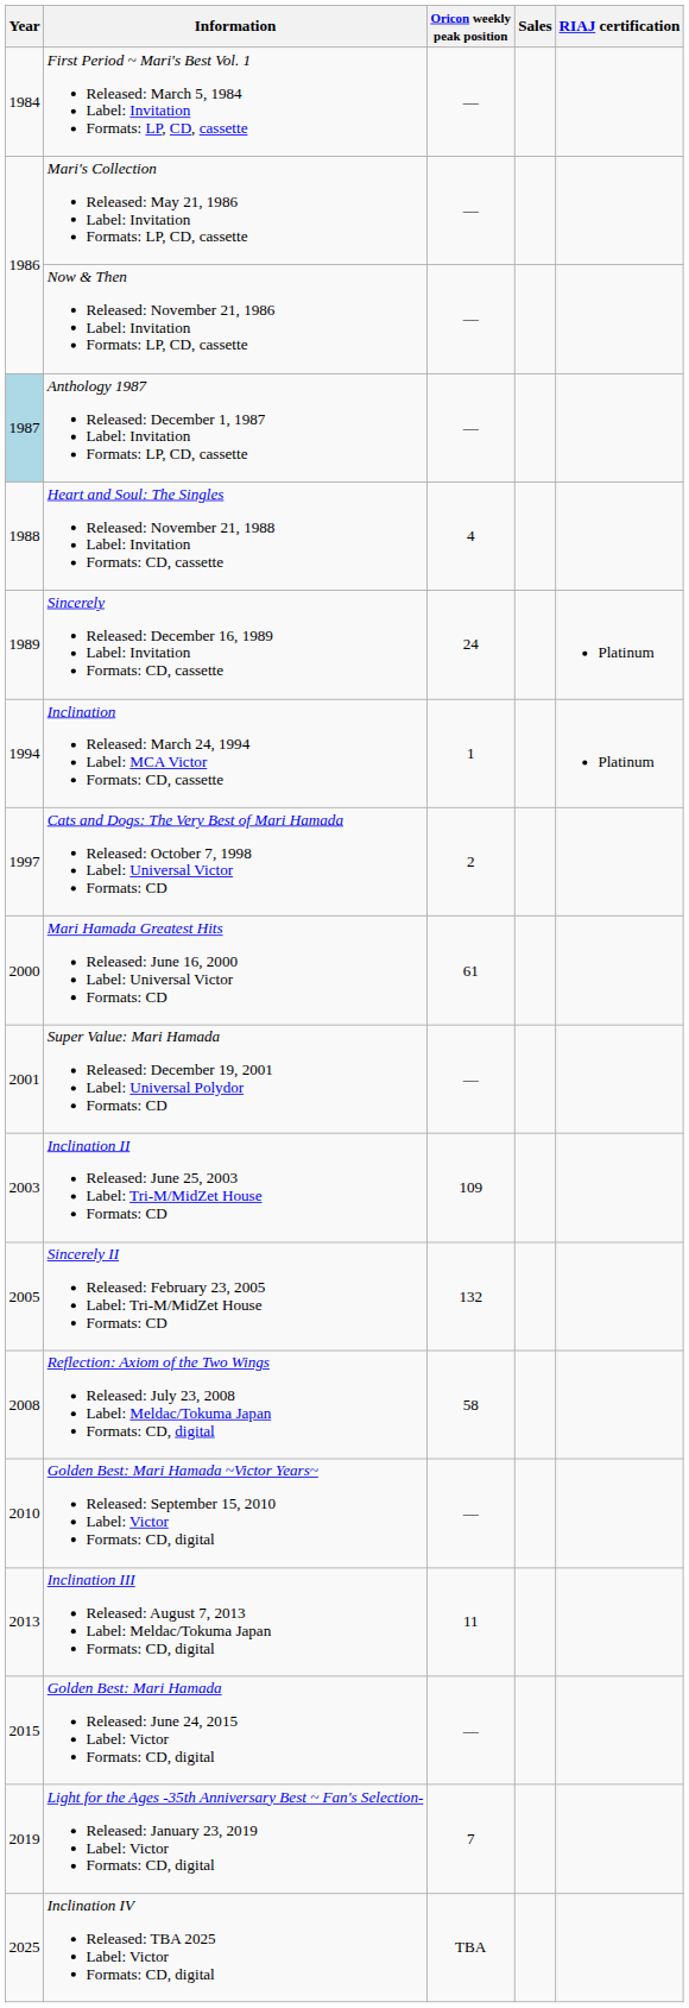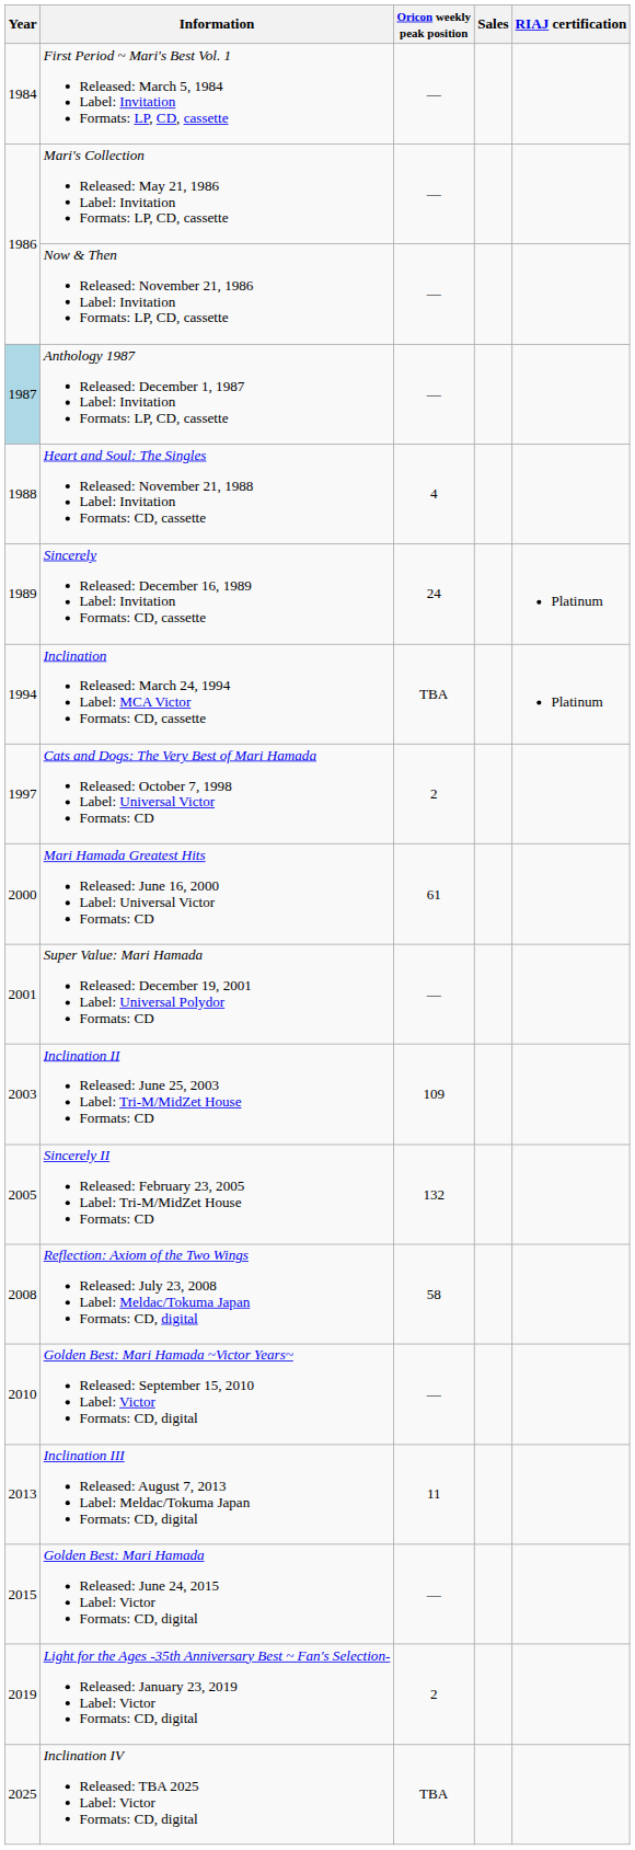 <table class="wikitable">
 <tr>
 <th>Year</th>
 <th>Information</th>
 <th><small><a href='#'>Oricon</a> weekly<br>peak position</small></th>
 <th>Sales<br></th>
 <th><a href='#'>RIAJ</a> certification</th>
 </tr>
 <tr>
 <td>1984</td>
 <td><em>First Period ~ Mari's Best Vol. 1</em><br><ul><li>Released: March 5, 1984</li><li>Label: <a href='#'>Invitation</a></li><li>Formats: <a href='#'>LP</a>, <a href='#'>CD</a>, <a href='#'>cassette</a></li></ul></td>
 <td style="text-align:center;">—</td>
 <td align="left"></td>
 <td align="left"></td>
 </tr>
 <tr>
 <td rowspan="2">1986</td>
 <td><em>Mari's Collection</em><br><ul><li>Released: May 21, 1986</li><li>Label: Invitation</li><li>Formats: LP, CD, cassette</li></ul></td>
 <td style="text-align:center;">—</td>
 <td align="left"></td>
 <td align="left"></td>
 </tr>
 <tr>
 <td><em>Now & Then</em><br><ul><li>Released: November 21, 1986</li><li>Label: Invitation</li><li>Formats: LP, CD, cassette</li></ul></td>
 <td style="text-align:center;">—</td>
 <td align="left"></td>
 <td align="left"></td>
 </tr>
 <tr>
 <td style="background: lightblue;">1987</td>
 <td><em>Anthology 1987</em><br><ul><li>Released: December 1, 1987</li><li>Label: Invitation</li><li>Formats: LP, CD, cassette</li></ul></td>
 <td style="text-align:center;">—</td>
 <td align="left"></td>
 <td align="left"></td>
 </tr>
 <tr>
 <td>1988</td>
 <td><em><a href='#'>Heart and Soul: The Singles</a></em><br><ul><li>Released: November 21, 1988</li><li>Label: Invitation</li><li>Formats: CD, cassette</li></ul></td>
 <td style="text-align:center;">4</td>
 <td align="left"></td>
 <td align="left"></td>
 </tr>
 <tr>
 <td>1989</td>
 <td><em><a href='#'>Sincerely</a></em><br><ul><li>Released: December 16, 1989</li><li>Label: Invitation</li><li>Formats: CD, cassette</li></ul></td>
 <td style="text-align:center;">24</td>
 <td align="left"></td>
 <td align="left"><br><ul><li>Platinum</li></ul></td>
 </tr>
 <tr>
 <td>1994</td>
 <td><em><a href='#'>Inclination</a></em><br><ul><li>Released: March 24, 1994</li><li>Label: <a href='#'>MCA Victor</a></li><li>Formats: CD, cassette</li></ul></td>
-<td style="text-align:center;">1</td>
+<td style="text-align:center;">TBA</td>
 <td align="left"></td>
 <td align="left"><br><ul><li>Platinum</li></ul></td>
 </tr>
 <tr>
 <td>1997</td>
 <td><em><a href='#'>Cats and Dogs: The Very Best of Mari Hamada</a></em><br><ul><li>Released: October 7, 1998</li><li>Label: <a href='#'>Universal Victor</a></li><li>Formats: CD</li></ul></td>
 <td style="text-align:center;">2</td>
 <td align="left"></td>
 <td align="left"></td>
 </tr>
 <tr>
 <td>2000</td>
 <td><em><a href='#'>Mari Hamada Greatest Hits</a></em><br><ul><li>Released: June 16, 2000</li><li>Label: Universal Victor</li><li>Formats: CD</li></ul></td>
 <td style="text-align:center;">61</td>
 <td align="left"></td>
 <td align="left"></td>
 </tr>
 <tr>
 <td>2001</td>
 <td><em>Super Value: Mari Hamada</em><br><ul><li>Released: December 19, 2001</li><li>Label: <a href='#'>Universal Polydor</a></li><li>Formats: CD</li></ul></td>
 <td style="text-align:center;">—</td>
 <td align="left"></td>
 <td align="left"></td>
 </tr>
 <tr>
 <td>2003</td>
 <td><em><a href='#'>Inclination II</a></em><br><ul><li>Released: June 25, 2003</li><li>Label: <a href='#'>Tri-M/MidZet House</a></li><li>Formats: CD</li></ul></td>
 <td style="text-align:center;">109</td>
 <td align="left"></td>
 <td align="left"></td>
 </tr>
 <tr>
 <td>2005</td>
 <td><em><a href='#'>Sincerely II</a></em><br><ul><li>Released: February 23, 2005</li><li>Label: Tri-M/MidZet House</li><li>Formats: CD</li></ul></td>
 <td style="text-align:center;">132</td>
 <td align="left"></td>
 <td align="left"></td>
 </tr>
 <tr>
 <td>2008</td>
 <td><em><a href='#'>Reflection: Axiom of the Two Wings</a></em><br><ul><li>Released: July 23, 2008</li><li>Label: <a href='#'>Meldac/Tokuma Japan</a></li><li>Formats: CD, <a href='#'>digital</a></li></ul></td>
 <td style="text-align:center;">58</td>
 <td align="left"></td>
 <td align="left"></td>
 </tr>
 <tr>
 <td>2010</td>
 <td><em><a href='#'>Golden Best: Mari Hamada ~Victor Years~</a></em><br><ul><li>Released: September 15, 2010</li><li>Label: <a href='#'>Victor</a></li><li>Formats: CD, digital</li></ul></td>
 <td style="text-align:center;">—</td>
 <td align="left"></td>
 <td align="left"></td>
 </tr>
 <tr>
 <td>2013</td>
 <td><em><a href='#'>Inclination III</a></em><br><ul><li>Released: August 7, 2013</li><li>Label: Meldac/Tokuma Japan</li><li>Formats: CD, digital</li></ul></td>
 <td style="text-align:center;">11</td>
 <td align="left"></td>
 <td align="left"></td>
 </tr>
 <tr>
 <td>2015</td>
 <td><em><a href='#'>Golden Best: Mari Hamada</a></em><br><ul><li>Released: June 24, 2015</li><li>Label: Victor</li><li>Formats: CD, digital</li></ul></td>
 <td style="text-align:center;">—</td>
 <td align="left"></td>
 <td align="left"></td>
 </tr>
 <tr>
 <td>2019</td>
 <td><em><a href='#'>Light for the Ages -35th Anniversary Best ~ Fan's Selection-</a></em><br><ul><li>Released: January 23, 2019</li><li>Label: Victor</li><li>Formats: CD, digital</li></ul></td>
-<td style="text-align:center;">7</td>
+<td style="text-align:center;">2</td>
 <td align="left"></td>
 <td align="left"></td>
 </tr>
 <tr>
 <td>2025</td>
 <td><em>Inclination IV</em><br><ul><li>Released: TBA 2025</li><li>Label: Victor</li><li>Formats: CD, digital</li></ul></td>
 <td style="text-align:center;">TBA</td>
 <td align="left"></td>
 <td align="left"></td>
 </tr>
 </table>
